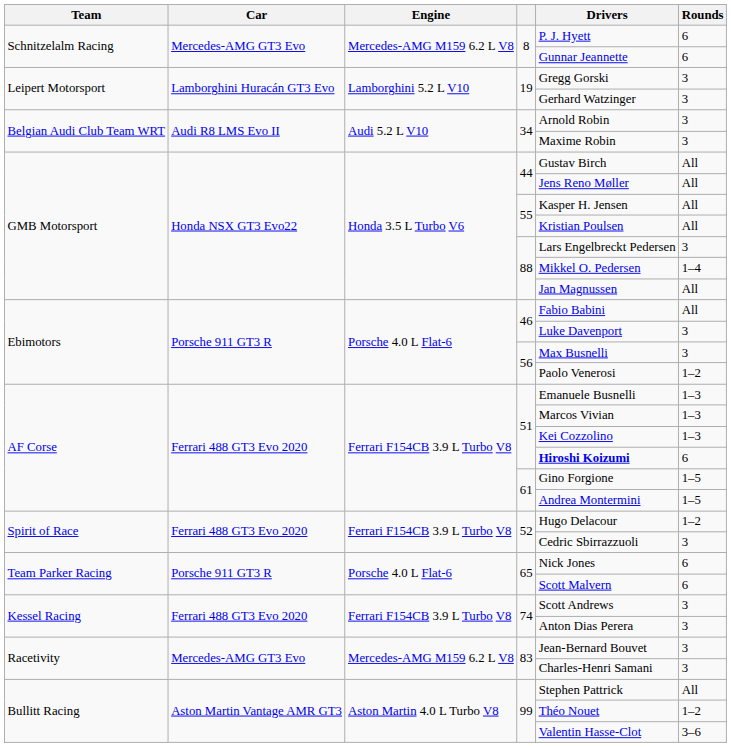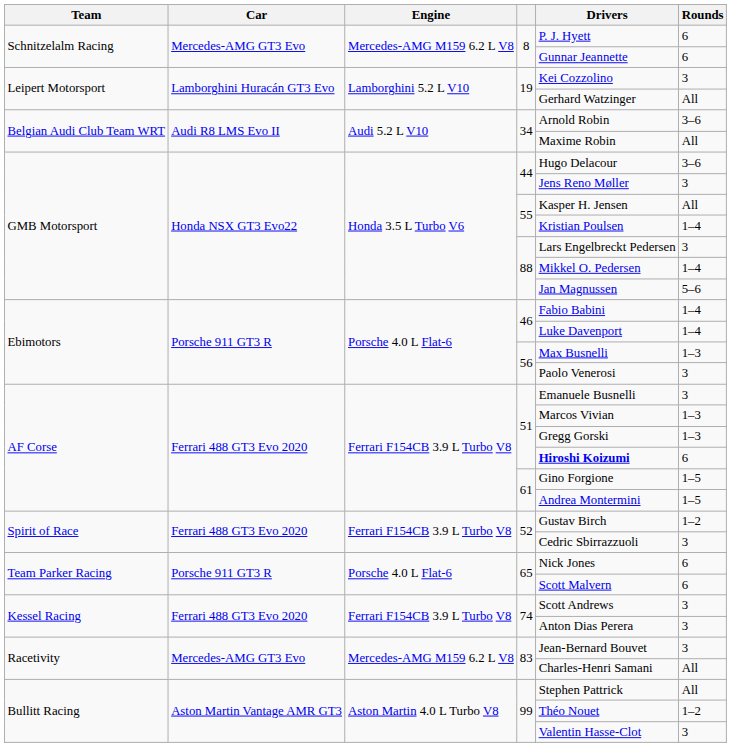 <table class="wikitable" style="font-size:85%;">
 <tr>
 <th>Team</th>
 <th>Car</th>
 <th>Engine</th>
 <th></th>
 <th>Drivers</th>
 <th>Rounds</th>
 </tr>
 <tr>
 <td rowspan="2"> Schnitzelalm Racing</td>
 <td rowspan="2"><a href='#'>Mercedes-AMG GT3 Evo</a></td>
 <td rowspan="2"><a href='#'>Mercedes-AMG M159</a> 6.2 L <a href='#'>V8</a></td>
 <td rowspan="2" align="center">8</td>
 <td> <a href='#'>P. J. Hyett</a></td>
 <td>6</td>
 </tr>
 <tr>
 <td> <a href='#'>Gunnar Jeannette</a></td>
 <td>6</td>
 </tr>
 <tr>
 <td rowspan="2"> Leipert Motorsport</td>
 <td rowspan="2"><a href='#'>Lamborghini Huracán GT3 Evo</a></td>
 <td rowspan="2"><a href='#'>Lamborghini</a> 5.2 L <a href='#'>V10</a></td>
 <td rowspan="2" align="center">19</td>
-<td> Gregg Gorski</td>
+<td> <a href='#'>Kei Cozzolino</a></td>
 <td>3</td>
 </tr>
 <tr>
 <td> Gerhard Watzinger</td>
-<td>3</td>
+<td>All</td>
 </tr>
 <tr>
 <td rowspan="2"> <a href='#'>Belgian Audi Club Team WRT</a></td>
 <td rowspan="2"><a href='#'>Audi R8 LMS Evo II</a></td>
 <td rowspan="2"><a href='#'>Audi</a> 5.2 L <a href='#'>V10</a></td>
 <td rowspan="2" align="center">34</td>
 <td> Arnold Robin</td>
-<td>3</td>
+<td>3–6</td>
 </tr>
 <tr>
 <td> Maxime Robin</td>
-<td>3</td>
+<td>All</td>
 </tr>
 <tr>
 <td rowspan="7"> GMB Motorsport</td>
 <td rowspan="7"><a href='#'>Honda NSX GT3 Evo22</a></td>
 <td rowspan="7"><a href='#'>Honda</a> 3.5 L <a href='#'>Turbo</a> <a href='#'>V6</a></td>
 <td rowspan="2" align="center">44</td>
-<td> Gustav Birch</td>
-<td>All</td>
+<td> Hugo Delacour</td>
+<td>3–6</td>
 </tr>
 <tr>
 <td> <a href='#'>Jens Reno Møller</a></td>
-<td>All</td>
+<td>3</td>
 </tr>
 <tr>
 <td rowspan="2" align="center">55</td>
 <td> Kasper H. Jensen</td>
 <td>All</td>
 </tr>
 <tr>
 <td> <a href='#'>Kristian Poulsen</a></td>
-<td>All</td>
+<td>1–4</td>
 </tr>
 <tr>
 <td rowspan="3" align="center">88</td>
 <td> Lars Engelbreckt Pedersen</td>
 <td>3</td>
 </tr>
 <tr>
 <td> <a href='#'>Mikkel O. Pedersen</a></td>
 <td>1–4</td>
 </tr>
 <tr>
 <td> <a href='#'>Jan Magnussen</a></td>
-<td>All</td>
+<td>5–6</td>
 </tr>
 <tr>
 <td rowspan="4"> Ebimotors</td>
 <td rowspan="4"><a href='#'>Porsche 911 GT3 R</a></td>
 <td rowspan="4"><a href='#'>Porsche</a> 4.0 L <a href='#'>Flat-6</a></td>
 <td rowspan="2" align="center">46</td>
 <td> <a href='#'>Fabio Babini</a></td>
-<td>All</td>
+<td>1–4</td>
 </tr>
 <tr>
 <td> <a href='#'>Luke Davenport</a></td>
-<td>3</td>
+<td>1–4</td>
 </tr>
 <tr>
 <td rowspan="2" align="center">56</td>
 <td> <a href='#'>Max Busnelli</a></td>
-<td>3</td>
+<td>1–3</td>
 </tr>
 <tr>
 <td> Paolo Venerosi</td>
-<td>1–2</td>
+<td>3</td>
 </tr>
 <tr>
 <td rowspan="6"> <a href='#'>AF Corse</a></td>
 <td rowspan="6"><a href='#'>Ferrari 488 GT3 Evo 2020</a></td>
 <td rowspan="6"><a href='#'>Ferrari F154CB</a> 3.9 L <a href='#'>Turbo</a> <a href='#'>V8</a></td>
 <td rowspan="4" align="center">51</td>
 <td> Emanuele Busnelli</td>
-<td>1–3</td>
+<td>3</td>
 </tr>
 <tr>
 <td> Marcos Vivian</td>
 <td>1–3</td>
 </tr>
 <tr>
-<td> <a href='#'>Kei Cozzolino</a></td>
+<td> Gregg Gorski</td>
 <td>1–3</td>
 </tr>
 <tr>
 <td><strong> <a href='#'>Hiroshi Koizumi</a></strong></td>
 <td>6</td>
 </tr>
 <tr>
 <td rowspan="2" align="center">61</td>
 <td> Gino Forgione</td>
 <td>1–5</td>
 </tr>
 <tr>
 <td> <a href='#'>Andrea Montermini</a></td>
 <td>1–5</td>
 </tr>
 <tr>
 <td rowspan="2"> <a href='#'>Spirit of Race</a></td>
 <td rowspan="2"><a href='#'>Ferrari 488 GT3 Evo 2020</a></td>
 <td rowspan="2"><a href='#'>Ferrari F154CB</a> 3.9 L <a href='#'>Turbo</a> <a href='#'>V8</a></td>
 <td rowspan="2" align="center">52</td>
-<td> Hugo Delacour</td>
+<td> Gustav Birch</td>
 <td>1–2</td>
 </tr>
 <tr>
 <td> Cedric Sbirrazzuoli</td>
 <td>3</td>
 </tr>
 <tr>
 <td rowspan="2"> <a href='#'>Team Parker Racing</a></td>
 <td rowspan="2"><a href='#'>Porsche 911 GT3 R</a></td>
 <td rowspan="2"><a href='#'>Porsche</a> 4.0 L <a href='#'>Flat-6</a></td>
 <td rowspan="2" align="center">65</td>
 <td> Nick Jones</td>
 <td>6</td>
 </tr>
 <tr>
 <td> <a href='#'>Scott Malvern</a></td>
 <td>6</td>
 </tr>
 <tr>
 <td rowspan="2"> <a href='#'>Kessel Racing</a></td>
 <td rowspan="2"><a href='#'>Ferrari 488 GT3 Evo 2020</a></td>
 <td rowspan="2"><a href='#'>Ferrari F154CB</a> 3.9 L <a href='#'>Turbo</a> <a href='#'>V8</a></td>
 <td rowspan="2" align="center">74</td>
 <td> Scott Andrews</td>
 <td>3</td>
 </tr>
 <tr>
 <td> Anton Dias Perera</td>
 <td>3</td>
 </tr>
 <tr>
 <td rowspan="2"> Racetivity</td>
 <td rowspan="2"><a href='#'>Mercedes-AMG GT3 Evo</a></td>
 <td rowspan="2"><a href='#'>Mercedes-AMG M159</a> 6.2 L <a href='#'>V8</a></td>
 <td rowspan="2" align="center">83</td>
 <td> Jean-Bernard Bouvet</td>
 <td>3</td>
 </tr>
 <tr>
 <td> Charles-Henri Samani</td>
-<td>3</td>
+<td>All</td>
 </tr>
 <tr>
 <td rowspan="3"> Bullitt Racing</td>
 <td rowspan="3"><a href='#'>Aston Martin Vantage AMR GT3</a></td>
 <td rowspan="3"><a href='#'>Aston Martin</a> 4.0 L Turbo <a href='#'>V8</a></td>
 <td rowspan="3" align="center">99</td>
 <td> Stephen Pattrick</td>
 <td>All</td>
 </tr>
 <tr>
 <td> <a href='#'>Théo Nouet</a></td>
 <td>1–2</td>
 </tr>
 <tr>
 <td> <a href='#'>Valentin Hasse-Clot</a></td>
-<td>3–6</td>
+<td>3</td>
 </tr>
 </table>
